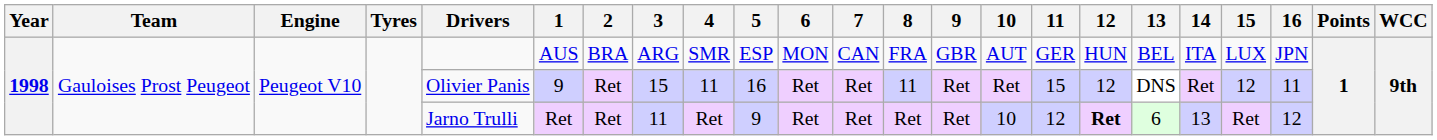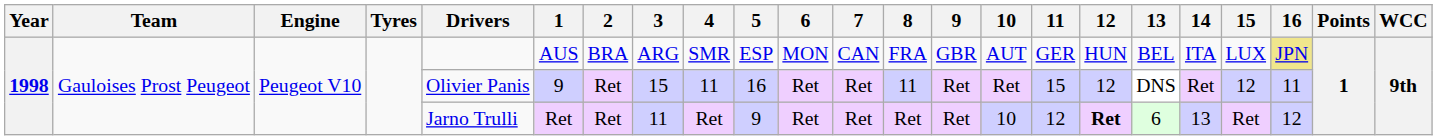 <table class="wikitable" style="text-align:center; font-size:95%">
 <tr>
 <th>Year</th>
 <th>Team</th>
 <th>Engine</th>
 <th>Tyres</th>
 <th>Drivers</th>
 <th>1</th>
 <th>2</th>
 <th>3</th>
 <th>4</th>
 <th>5</th>
 <th>6</th>
 <th>7</th>
 <th>8</th>
 <th>9</th>
 <th>10</th>
 <th>11</th>
 <th>12</th>
 <th>13</th>
 <th>14</th>
 <th>15</th>
 <th>16</th>
 <th>Points</th>
 <th>WCC</th>
 </tr>
 <tr>
 <th rowspan="3"><a href='#'>1998</a></th>
 <td rowspan="3"><a href='#'>Gauloises</a> <a href='#'>Prost</a> <a href='#'>Peugeot</a></td>
 <td rowspan="3"><a href='#'>Peugeot V10</a></td>
 <td rowspan="3"></td>
 <td></td>
 <td><a href='#'>AUS</a></td>
 <td><a href='#'>BRA</a></td>
 <td><a href='#'>ARG</a></td>
 <td><a href='#'>SMR</a></td>
 <td><a href='#'>ESP</a></td>
 <td><a href='#'>MON</a></td>
 <td><a href='#'>CAN</a></td>
 <td><a href='#'>FRA</a></td>
 <td><a href='#'>GBR</a></td>
 <td><a href='#'>AUT</a></td>
 <td><a href='#'>GER</a></td>
 <td><a href='#'>HUN</a></td>
 <td><a href='#'>BEL</a></td>
 <td><a href='#'>ITA</a></td>
 <td><a href='#'>LUX</a></td>
-<td><a href='#'>JPN</a></td>
+<td style="background: khaki;"><a href='#'>JPN</a></td>
 <th rowspan="3">1</th>
 <th rowspan="3">9th</th>
 </tr>
 <tr>
 <td align="left"> <a href='#'>Olivier Panis</a></td>
 <td style="background:#CFCFFF;">9</td>
 <td style="background:#EFCFFF;">Ret</td>
 <td style="background:#CFCFFF;">15</td>
 <td style="background:#CFCFFF;">11</td>
 <td style="background:#CFCFFF;">16</td>
 <td style="background:#EFCFFF;">Ret</td>
 <td style="background:#EFCFFF;">Ret</td>
 <td style="background:#CFCFFF;">11</td>
 <td style="background:#EFCFFF;">Ret</td>
 <td style="background:#EFCFFF;">Ret</td>
 <td style="background:#CFCFFF;">15</td>
 <td style="background:#CFCFFF;">12</td>
 <td style="background:#FFFFFF;">DNS</td>
 <td style="background:#EFCFFF;">Ret</td>
 <td style="background:#CFCFFF;">12</td>
 <td style="background:#CFCFFF;">11</td>
 </tr>
 <tr>
 <td align="left"> <a href='#'>Jarno Trulli</a></td>
 <td style="background:#EFCFFF;">Ret</td>
 <td style="background:#EFCFFF;">Ret</td>
 <td style="background:#CFCFFF;">11</td>
 <td style="background:#EFCFFF;">Ret</td>
 <td style="background:#CFCFFF;">9</td>
 <td style="background:#EFCFFF;">Ret</td>
 <td style="background:#EFCFFF;">Ret</td>
 <td style="background:#EFCFFF;">Ret</td>
 <td style="background:#EFCFFF;">Ret</td>
 <td style="background:#CFCFFF;">10</td>
 <td style="background:#CFCFFF;">12</td>
 <td style="background:#EFCFFF;"><strong>Ret</strong></td>
 <td style="background:#DFFFDF;">6</td>
 <td style="background:#CFCFFF;">13</td>
 <td style="background:#EFCFFF;">Ret</td>
 <td style="background:#CFCFFF;">12</td>
 </tr>
 </table>
